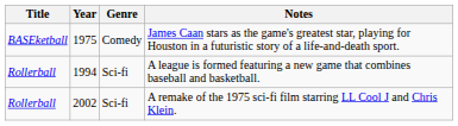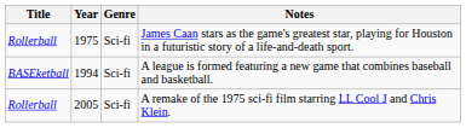 <table class="wikitable sortable">
 <tr>
 <th>Title</th>
 <th>Year</th>
 <th>Genre</th>
 <th>Notes</th>
 </tr>
 <tr>
-<td><em><a href='#'>BASEketball</a></em></td>
+<td><em><a href='#'>Rollerball</a></em></td>
 <td>1975</td>
-<td>Comedy</td>
+<td>Sci-fi</td>
 <td><a href='#'>James Caan</a> stars as the game's greatest star, playing for Houston in a futuristic story of a life-and-death sport.</td>
 </tr>
 <tr>
-<td><em><a href='#'>Rollerball</a></em></td>
+<td><em><a href='#'>BASEketball</a></em></td>
 <td>1994</td>
 <td>Sci-fi</td>
 <td>A league is formed featuring a new game that combines baseball and basketball.</td>
 </tr>
 <tr>
 <td><em><a href='#'>Rollerball</a></em></td>
-<td>2002</td>
+<td>2005</td>
 <td>Sci-fi</td>
 <td>A remake of the 1975 sci-fi film starring <a href='#'>LL Cool J</a> and <a href='#'>Chris Klein</a>.</td>
 </tr>
 </table>
